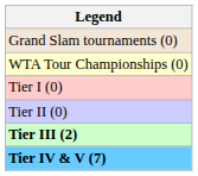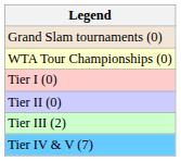 <table class="wikitable sortable">
 <tr>
 <th>Legend</th>
 </tr>
 <tr style="background:#f3e6d7;">
 <td>Grand Slam tournaments (0)</td>
 </tr>
 <tr style="background:#ffc;">
 <td>WTA Tour Championships (0)</td>
 </tr>
 <tr style="background:#fcc;">
 <td>Tier I (0)</td>
 </tr>
 <tr style="background:#ccf;">
 <td>Tier II (0)</td>
 </tr>
 <tr style="background:#cfc;">
-<td><strong>Tier III (2)</strong></td>
+<td>Tier III (2)</td>
 </tr>
 <tr style="background:#6cf;">
-<td><strong>Tier IV & V (7)</strong></td>
+<td>Tier IV & V (7)</td>
 </tr>
 </table>
